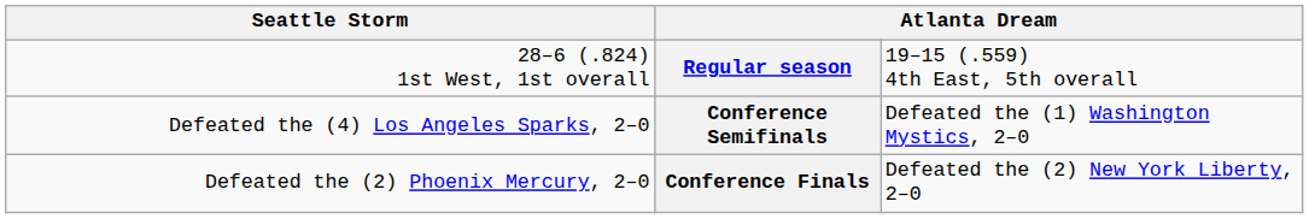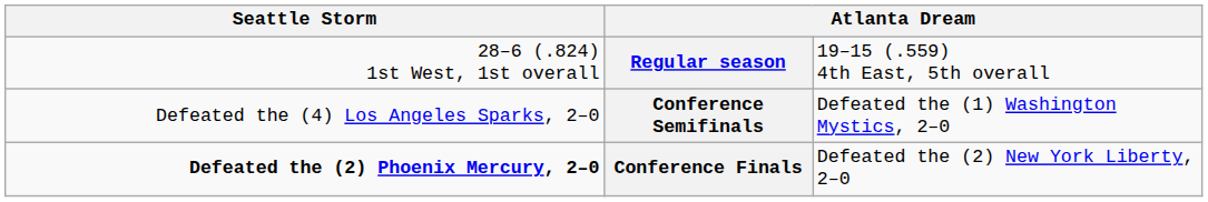 <table class="wikitable" style="width: 60%; font-size:90%;">
 <tr valign=top>
 <th colspan=2 width=45%>Seattle Storm</th>
 <th colspan=2 width=45%>Atlanta Dream</th>
 </tr>
 <tr>
 <td align=right>28–6 (.824)<br> 1st West, 1st overall</td>
 <th colspan=2><a href='#'>Regular season</a></th>
 <td align=left>19–15 (.559)<br> 4th East, 5th overall</td>
 </tr>
 <tr>
 <td align=right>Defeated the (4) <a href='#'>Los Angeles Sparks</a>, 2–0</td>
 <th colspan=2>Conference Semifinals</th>
 <td align=left>Defeated the (1) <a href='#'>Washington Mystics</a>, 2–0</td>
 </tr>
 <tr>
-<td align=right>Defeated the (2) <a href='#'>Phoenix Mercury</a>, 2–0</td>
+<td align=right><strong>Defeated the (2) <a href='#'>Phoenix Mercury</a>, 2–0</strong></td>
 <th colspan=2>Conference Finals</th>
 <td align=left>Defeated the (2) <a href='#'>New York Liberty</a>, 2–0</td>
 </tr>
 </table>
